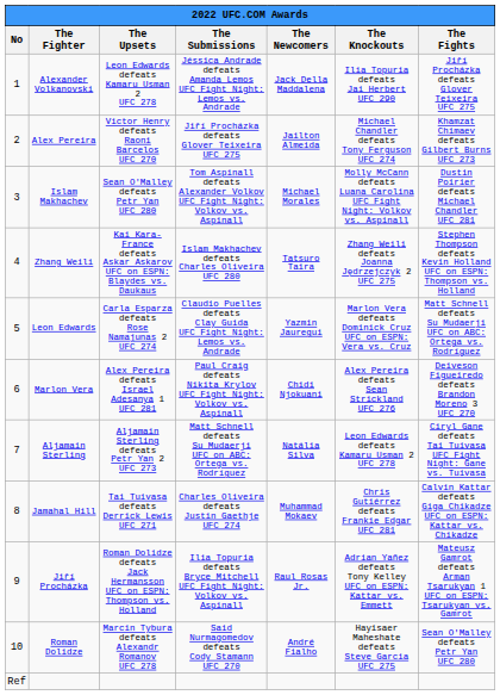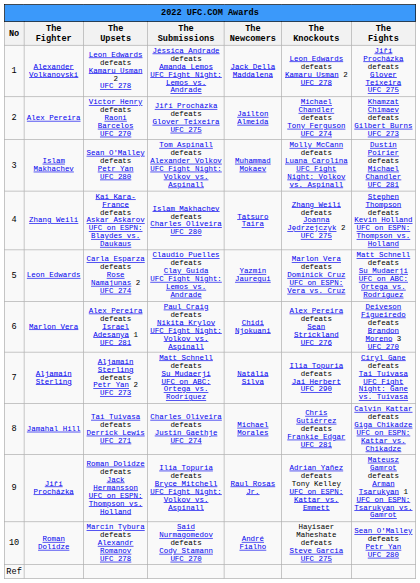 <table class="wikitable" width="100%" style="text-align:Center">
 <tr>
 <th colspan="7" style="border: 1px solid black; padding: 5px; background: #3B99FA;">2022 UFC.COM Awards</th>
 </tr>
 <tr>
 <th>No</th>
 <th>The Fighter</th>
 <th>The<br>Upsets</th>
 <th>The<br>Submissions</th>
 <th>The Newcomers</th>
 <th>The<br>Knockouts</th>
 <th>The<br>Fights</th>
 </tr>
 <tr>
 <td>1</td>
 <td style="font-size:87%"><a href='#'>Alexander Volkanovski</a></td>
 <td style="font-size:87%"><a href='#'>Leon Edwards</a> <br> defeats <br> <a href='#'>Kamaru Usman</a> 2 <br> <a href='#'>UFC 278</a></td>
 <td style="font-size:87%"><a href='#'>Jéssica Andrade</a> <br> defeats <br> <a href='#'>Amanda Lemos</a> <br> <a href='#'>UFC Fight Night: Lemos vs. Andrade</a></td>
 <td style="font-size:87%"><a href='#'>Jack Della Maddalena</a></td>
-<td style="font-size:87%"><a href='#'>Ilia Topuria</a> <br> defeats <br> <a href='#'>Jai Herbert</a> <br> <a href='#'>UFC 290</a></td>
+<td style="font-size:87%"><a href='#'>Leon Edwards</a> <br> defeats <br> <a href='#'>Kamaru Usman</a> 2 <br> <a href='#'>UFC 278</a></td>
 <td style="font-size:87%"><a href='#'>Jiří Procházka</a> <br> defeats <br> <a href='#'>Glover Teixeira</a> <br> <a href='#'>UFC 275</a></td>
 </tr>
 <tr>
 <td>2</td>
 <td style="font-size:87%"><a href='#'>Alex Pereira</a></td>
 <td style="font-size:87%"><a href='#'>Victor Henry</a> <br> defeats <br> <a href='#'>Raoni Barcelos</a> <br> <a href='#'>UFC 270</a></td>
 <td style="font-size:87%"><a href='#'>Jiří Procházka</a> <br> defeats <br> <a href='#'>Glover Teixeira</a> <br> <a href='#'>UFC 275</a></td>
 <td style="font-size:87%"><a href='#'>Jailton Almeida</a></td>
 <td style="font-size:87%"><a href='#'>Michael Chandler</a> <br> defeats <br> <a href='#'>Tony Ferguson</a> <br> <a href='#'>UFC 274</a></td>
 <td style="font-size:87%"><a href='#'>Khamzat Chimaev</a> <br> defeats <br> <a href='#'>Gilbert Burns</a> <br> <a href='#'>UFC 273</a></td>
 </tr>
 <tr>
 <td>3</td>
 <td style="font-size:87%"><a href='#'>Islam Makhachev</a></td>
 <td style="font-size:87%"><a href='#'>Sean O'Malley</a> <br> defeats <br> <a href='#'>Petr Yan</a>  <br> <a href='#'>UFC 280</a></td>
 <td style="font-size:87%"><a href='#'>Tom Aspinall</a> <br> defeats <br> <a href='#'>Alexander Volkov</a> <br> <a href='#'>UFC Fight Night: Volkov vs. Aspinall</a></td>
-<td style="font-size:87%"><a href='#'>Michael Morales</a></td>
+<td style="font-size:87%"><a href='#'>Muhammad Mokaev</a></td>
 <td style="font-size:87%"><a href='#'>Molly McCann</a> <br> defeats <br> <a href='#'>Luana Carolina</a> <br> <a href='#'>UFC Fight Night: Volkov vs. Aspinall</a></td>
 <td style="font-size:87%"><a href='#'>Dustin Poirier</a> <br> defeats  <br> <a href='#'>Michael Chandler</a> <br> <a href='#'>UFC 281</a></td>
 </tr>
 <tr>
 <td>4</td>
 <td style="font-size:87%"><a href='#'>Zhang Weili</a></td>
 <td style="font-size:87%"><a href='#'>Kai Kara-France</a> <br> defeats <br> <a href='#'>Askar Askarov</a> <br> <a href='#'>UFC on ESPN: Blaydes vs. Daukaus</a></td>
 <td style="font-size:87%"><a href='#'>Islam Makhachev</a> <br> defeats <br> <a href='#'>Charles Oliveira</a> <br> <a href='#'>UFC 280</a></td>
 <td style="font-size:87%"><a href='#'>Tatsuro Taira</a></td>
 <td style="font-size:87%"><a href='#'>Zhang Weili</a> <br> defeats <br> <a href='#'>Joanna Jędrzejczyk</a> 2 <br> <a href='#'>UFC 275</a></td>
 <td style="font-size:87%"><a href='#'>Stephen Thompson</a> <br> defeats <br> <a href='#'>Kevin Holland</a> <br> <a href='#'>UFC on ESPN: Thompson vs. Holland</a></td>
 </tr>
 <tr>
 <td>5</td>
 <td style="font-size:87%"><a href='#'>Leon Edwards</a></td>
 <td style="font-size:87%"><a href='#'>Carla Esparza</a> <br> defeats <br> <a href='#'>Rose Namajunas</a> 2 <br> <a href='#'>UFC 274</a></td>
 <td style="font-size:87%"><a href='#'>Claudio Puelles</a> <br> defeats <br> <a href='#'>Clay Guida</a> <br> <a href='#'>UFC Fight Night: Lemos vs. Andrade</a></td>
 <td style="font-size:87%"><a href='#'>Yazmin Jauregui</a></td>
 <td style="font-size:87%"><a href='#'>Marlon Vera</a> <br> defeats <br> <a href='#'>Dominick Cruz</a><br> <a href='#'>UFC on ESPN: Vera vs. Cruz</a></td>
 <td style="font-size:87%"><a href='#'>Matt Schnell</a> <br> defeats <br> <a href='#'>Su Mudaerji</a> <br> <a href='#'>UFC on ABC: Ortega vs. Rodríguez</a></td>
 </tr>
 <tr>
 <td>6</td>
 <td style="font-size:87%"><a href='#'>Marlon Vera</a></td>
 <td style="font-size:87%"><a href='#'>Alex Pereira</a> <br> defeats <br> <a href='#'>Israel Adesanya</a> 1<br> <a href='#'>UFC 281</a></td>
 <td style="font-size:87%"><a href='#'>Paul Craig</a> <br> defeats <br> <a href='#'>Nikita Krylov</a> <br> <a href='#'>UFC Fight Night: Volkov vs. Aspinall</a></td>
 <td style="font-size:87%"><a href='#'>Chidi Njokuani</a></td>
 <td style="font-size:87%"><a href='#'>Alex Pereira</a> <br> defeats <br> <a href='#'>Sean Strickland</a> <br> <a href='#'>UFC 276</a></td>
 <td style="font-size:87%"><a href='#'>Deiveson Figueiredo</a> <br> defeats  <br> <a href='#'>Brandon Moreno</a> 3 <br> <a href='#'>UFC 270</a></td>
 </tr>
 <tr>
 <td>7</td>
 <td style="font-size:87%"><a href='#'>Aljamain Sterling</a></td>
 <td style="font-size:87%"><a href='#'>Aljamain Sterling</a> <br> defeats <br> <a href='#'>Petr Yan</a> 2 <br> <a href='#'>UFC 273</a></td>
 <td style="font-size:87%"><a href='#'>Matt Schnell</a> <br> defeats <br> <a href='#'>Su Mudaerji</a> <br> <a href='#'>UFC on ABC: Ortega vs. Rodríguez</a></td>
 <td style="font-size:87%"><a href='#'>Natália Silva</a></td>
-<td style="font-size:87%"><a href='#'>Leon Edwards</a> <br> defeats <br> <a href='#'>Kamaru Usman</a> 2 <br> <a href='#'>UFC 278</a></td>
+<td style="font-size:87%"><a href='#'>Ilia Topuria</a> <br> defeats <br> <a href='#'>Jai Herbert</a> <br> <a href='#'>UFC 290</a></td>
 <td style="font-size:87%"><a href='#'>Ciryl Gane</a> <br> defeats <br> <a href='#'>Tai Tuivasa</a> <br> <a href='#'>UFC Fight Night: Gane vs. Tuivasa</a></td>
 </tr>
 <tr>
 <td>8</td>
 <td style="font-size:87%"><a href='#'>Jamahal Hill</a></td>
 <td style="font-size:87%"><a href='#'>Tai Tuivasa</a><br> defeats <br> <a href='#'>Derrick Lewis</a><br> <a href='#'>UFC 271</a></td>
 <td style="font-size:87%"><a href='#'>Charles Oliveira</a> <br> defeats <br> <a href='#'>Justin Gaethje</a> <br> <a href='#'>UFC 274</a></td>
-<td style="font-size:87%"><a href='#'>Muhammad Mokaev</a></td>
+<td style="font-size:87%"><a href='#'>Michael Morales</a></td>
 <td style="font-size:87%"><a href='#'>Chris Gutiérrez</a> <br> defeats <br> <a href='#'>Frankie Edgar</a> <br> <a href='#'>UFC 281</a></td>
 <td style="font-size:87%"><a href='#'>Calvin Kattar</a> <br> defeats <br> <a href='#'>Giga Chikadze</a> <br> <a href='#'>UFC on ESPN: Kattar vs. Chikadze</a></td>
 </tr>
 <tr>
 <td>9</td>
 <td style="font-size:87%"><a href='#'>Jiří Procházka</a></td>
 <td style="font-size:87%"><a href='#'>Roman Dolidze</a> <br> defeats <br>  <a href='#'>Jack Hermansson</a> <br> <a href='#'>UFC on ESPN: Thompson vs. Holland</a></td>
 <td style="font-size:87%"><a href='#'>Ilia Topuria</a> <br> defeats <br> <a href='#'>Bryce Mitchell</a> <br> <a href='#'>UFC Fight Night: Volkov vs. Aspinall</a></td>
 <td style="font-size:87%"><a href='#'>Raul Rosas Jr.</a></td>
 <td style="font-size:87%"><a href='#'>Adrian Yañez</a> <br> defeats <br> Tony Kelley <br> <a href='#'>UFC on ESPN: Kattar vs. Emmett</a></td>
 <td style="font-size:87%"><a href='#'>Mateusz Gamrot</a> <br> defeats <br> <a href='#'>Arman Tsarukyan</a> 1 <br> <a href='#'>UFC on ESPN: Tsarukyan vs. Gamrot</a></td>
 </tr>
 <tr>
 <td>10</td>
 <td style="font-size:87%"><a href='#'>Roman Dolidze</a></td>
 <td style="font-size:87%"><a href='#'>Marcin Tybura</a> <br> defeats <br> <a href='#'>Alexandr Romanov</a> <br> <a href='#'>UFC 278</a></td>
 <td style="font-size:87%"><a href='#'>Said Nurmagomedov</a> <br> defeats <br> <a href='#'>Cody Stamann</a> <br> <a href='#'>UFC 270</a></td>
 <td style="font-size:87%"><a href='#'>André Fialho</a></td>
 <td style="font-size:87%">Hayisaer Maheshate <br> defeats <br> <a href='#'>Steve Garcia</a> <br> <a href='#'>UFC 275</a></td>
 <td style="font-size:87%"><a href='#'>Sean O'Malley</a> <br> defeats <br> <a href='#'>Petr Yan</a>  <br> <a href='#'>UFC 280</a></td>
 </tr>
 <tr>
 <td>Ref</td>
 <td></td>
 <td></td>
 <td></td>
 <td></td>
 <td></td>
 <td></td>
 </tr>
 </table>
